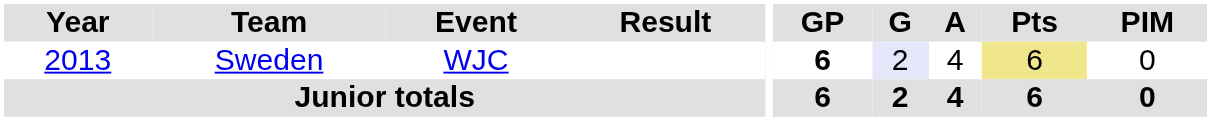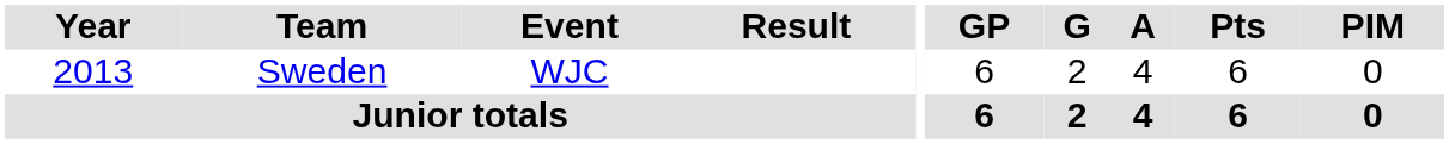 <table border="0" cellpadding="1" cellspacing="0" ID="Table3" style="text-align:center; width:40em">
 <tr ALIGN="center" bgcolor="#e0e0e0">
 <th>Year</th>
 <th>Team</th>
 <th>Event</th>
 <th>Result</th>
 <th rowspan="99" bgcolor="#ffffff"></th>
 <th>GP</th>
 <th>G</th>
 <th>A</th>
 <th>Pts</th>
 <th>PIM</th>
 </tr>
 <tr>
 <td><a href='#'>2013</a></td>
 <td><a href='#'>Sweden</a></td>
 <td><a href='#'>WJC</a></td>
 <td></td>
-<td><strong>6</strong></td>
-<td style="background: lavender;">2</td>
+<td>6</td>
+<td>2</td>
 <td>4</td>
-<td style="background: khaki;">6</td>
+<td>6</td>
 <td>0</td>
 </tr>
 <tr bgcolor="#e0e0e0">
 <th colspan="4">Junior totals</th>
 <th>6</th>
 <th>2</th>
 <th>4</th>
 <th>6</th>
 <th>0</th>
 </tr>
 </table>
